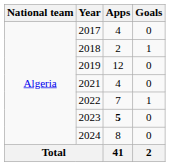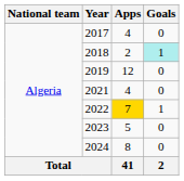 <table class="wikitable" style="text-align:center">
 <tr>
 <th>National team</th>
 <th>Year</th>
 <th>Apps</th>
 <th>Goals</th>
 </tr>
 <tr>
 <td rowspan="7"><a href='#'>Algeria</a></td>
 <td>2017</td>
 <td>4</td>
 <td>0</td>
 </tr>
 <tr>
 <td>2018</td>
 <td>2</td>
-<td>1</td>
+<td style="background: paleturquoise;">1</td>
 </tr>
 <tr>
 <td>2019</td>
 <td>12</td>
 <td>0</td>
 </tr>
 <tr>
 <td>2021</td>
 <td>4</td>
 <td>0</td>
 </tr>
 <tr>
 <td>2022</td>
-<td>7</td>
+<td style="background: gold;">7</td>
 <td>1</td>
 </tr>
 <tr>
 <td>2023</td>
-<td><strong>5</strong></td>
+<td>5</td>
 <td>0</td>
 </tr>
 <tr>
 <td>2024</td>
 <td>8</td>
 <td>0</td>
 </tr>
 <tr>
 <th colspan="2">Total</th>
 <th>41</th>
 <th>2</th>
 </tr>
 </table>
